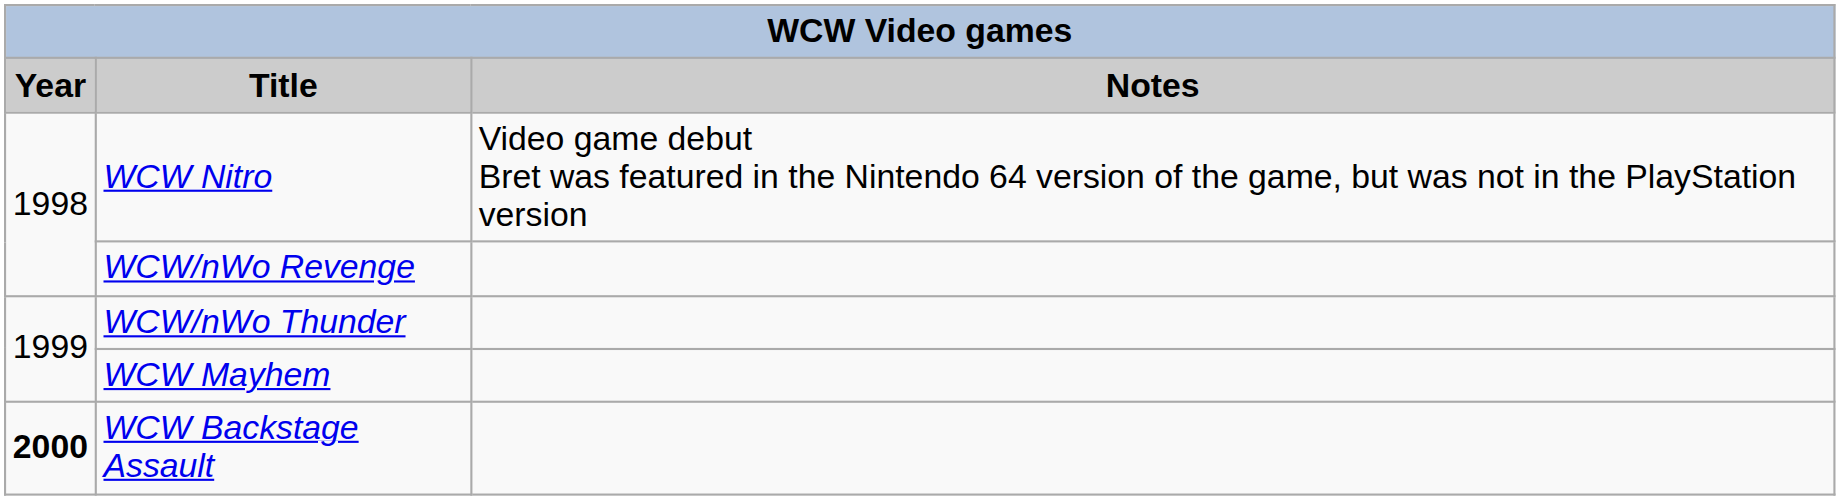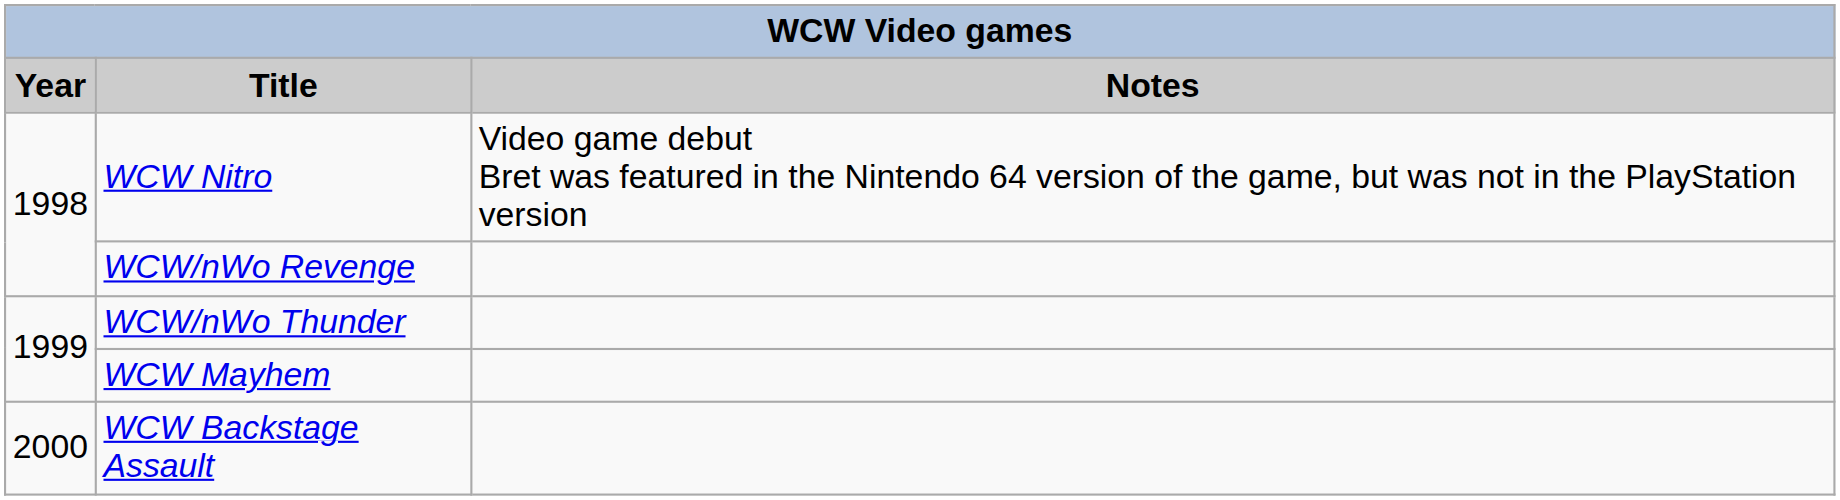 <table class="wikitable sortable">
 <tr style="text-align:center;">
 <th colspan=4 style="background:#B0C4DE;">WCW Video games</th>
 </tr>
 <tr style="text-align:center;">
 <th style="background:#ccc;">Year</th>
 <th style="background:#ccc;">Title</th>
 <th style="background:#ccc;">Notes</th>
 </tr>
 <tr>
 <td rowspan="2">1998</td>
 <td><em><a href='#'>WCW Nitro</a></em></td>
 <td>Video game debut <br> Bret was featured in the Nintendo 64 version of the game, but was not in the PlayStation version</td>
 </tr>
 <tr>
 <td><em><a href='#'>WCW/nWo Revenge</a></em></td>
 <td></td>
 </tr>
 <tr>
 <td rowspan="2">1999</td>
 <td><em><a href='#'>WCW/nWo Thunder</a></em></td>
 <td></td>
 </tr>
 <tr>
 <td><em><a href='#'>WCW Mayhem</a></em></td>
 <td></td>
 </tr>
 <tr>
-<td><strong>2000</strong></td>
+<td>2000</td>
 <td><em><a href='#'>WCW Backstage Assault</a></em></td>
 <td></td>
 </tr>
 </table>
